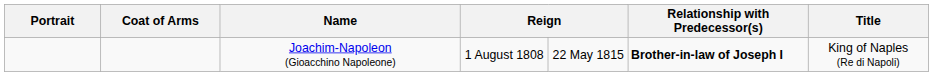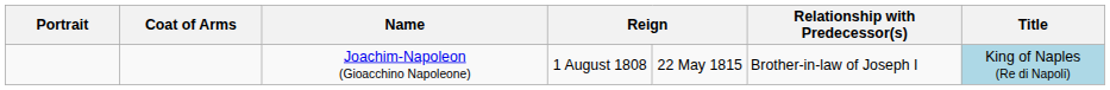 <table width=95% class="wikitable">
 <tr>
 <th width=8%>Portrait</th>
 <th width=10%>Coat of Arms</th>
 <th width=20%>Name</th>
 <th colspan=2 width=14%>Reign</th>
 <th width=15%>Relationship with Predecessor(s)</th>
 <th width=10%>Title</th>
 </tr>
 <tr>
 <td align="center"></td>
 <td align="center"></td>
 <td align="center"><a href='#'>Joachim-Napoleon</a><br><small>(Gioacchino Napoleone)</small></td>
 <td align="center">1 August 1808</td>
 <td align="center">22 May 1815</td>
-<td><strong>Brother-in-law of Joseph I</strong></td>
-<td align="center">King of Naples<br><small>(Re di Napoli)</small></td>
+<td>Brother-in-law of Joseph I</td>
+<td align="center" style="background: lightblue;">King of Naples<br><small>(Re di Napoli)</small></td>
 </tr>
 </table>
